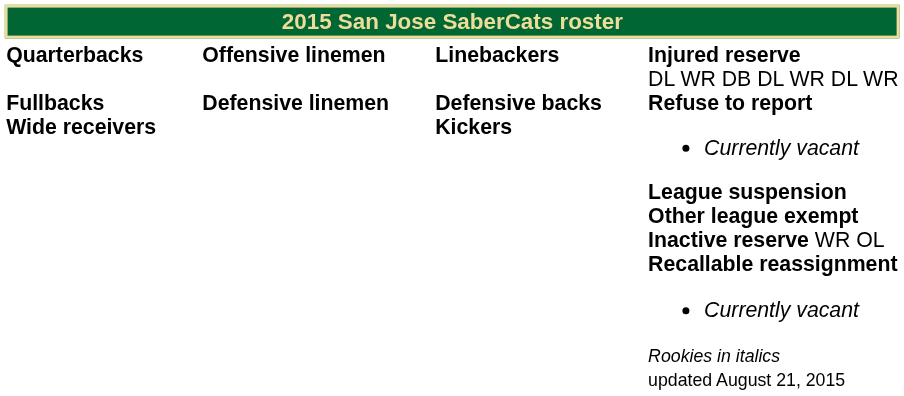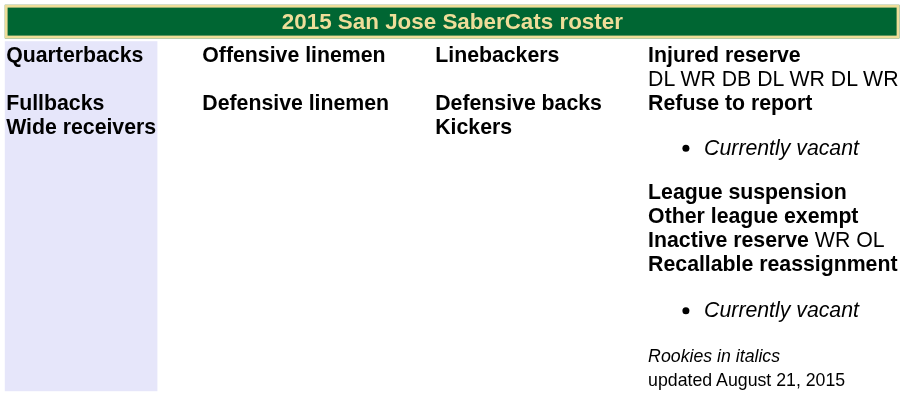 <table class="toccolours" style="text-align: left;">
 <tr>
 <th colspan=9 style="background:#063; border: 2px solid #ed9; color:#ed9; text-align:center;"><strong>2015 San Jose SaberCats roster</strong></th>
 </tr>
 <tr>
-<td style="font-size: 95%;vertical-align:top;"><strong>Quarterbacks</strong><br> <br><strong>Fullbacks</strong> <br><strong>Wide receivers</strong>     </td>
+<td style="background: lavender; font-size: 95%;vertical-align:top;"><strong>Quarterbacks</strong><br> <br><strong>Fullbacks</strong> <br><strong>Wide receivers</strong>     </td>
 <td style="width: 25px;"></td>
 <td style="font-size: 95%;vertical-align:top;"><strong>Offensive linemen</strong><br>    <br><strong>Defensive linemen</strong>    </td>
 <td style="width: 25px;"></td>
 <td style="font-size: 95%;vertical-align:top;"><strong>Linebackers</strong><br><br><strong>Defensive backs</strong>     <br><strong>Kickers</strong> </td>
 <td style="width: 25px;"></td>
 <td style="font-size: 95%;vertical-align:top;"><strong>Injured reserve</strong><br> DL  WR  DB   DL   WR   DL  WR<br><strong>Refuse to report</strong><ul><li><em>Currently vacant</em></li></ul><strong>League suspension</strong>     <br><strong>Other league exempt</strong>      <br><strong>Inactive reserve</strong>  WR  OL<br><strong>Recallable reassignment</strong><ul><li><em>Currently vacant</em></li></ul><small><em>Rookies in italics</em><br><span></span> updated August 21, 2015</small><br> </td>
 </tr>
 <tr>
 </tr>
 </table>
